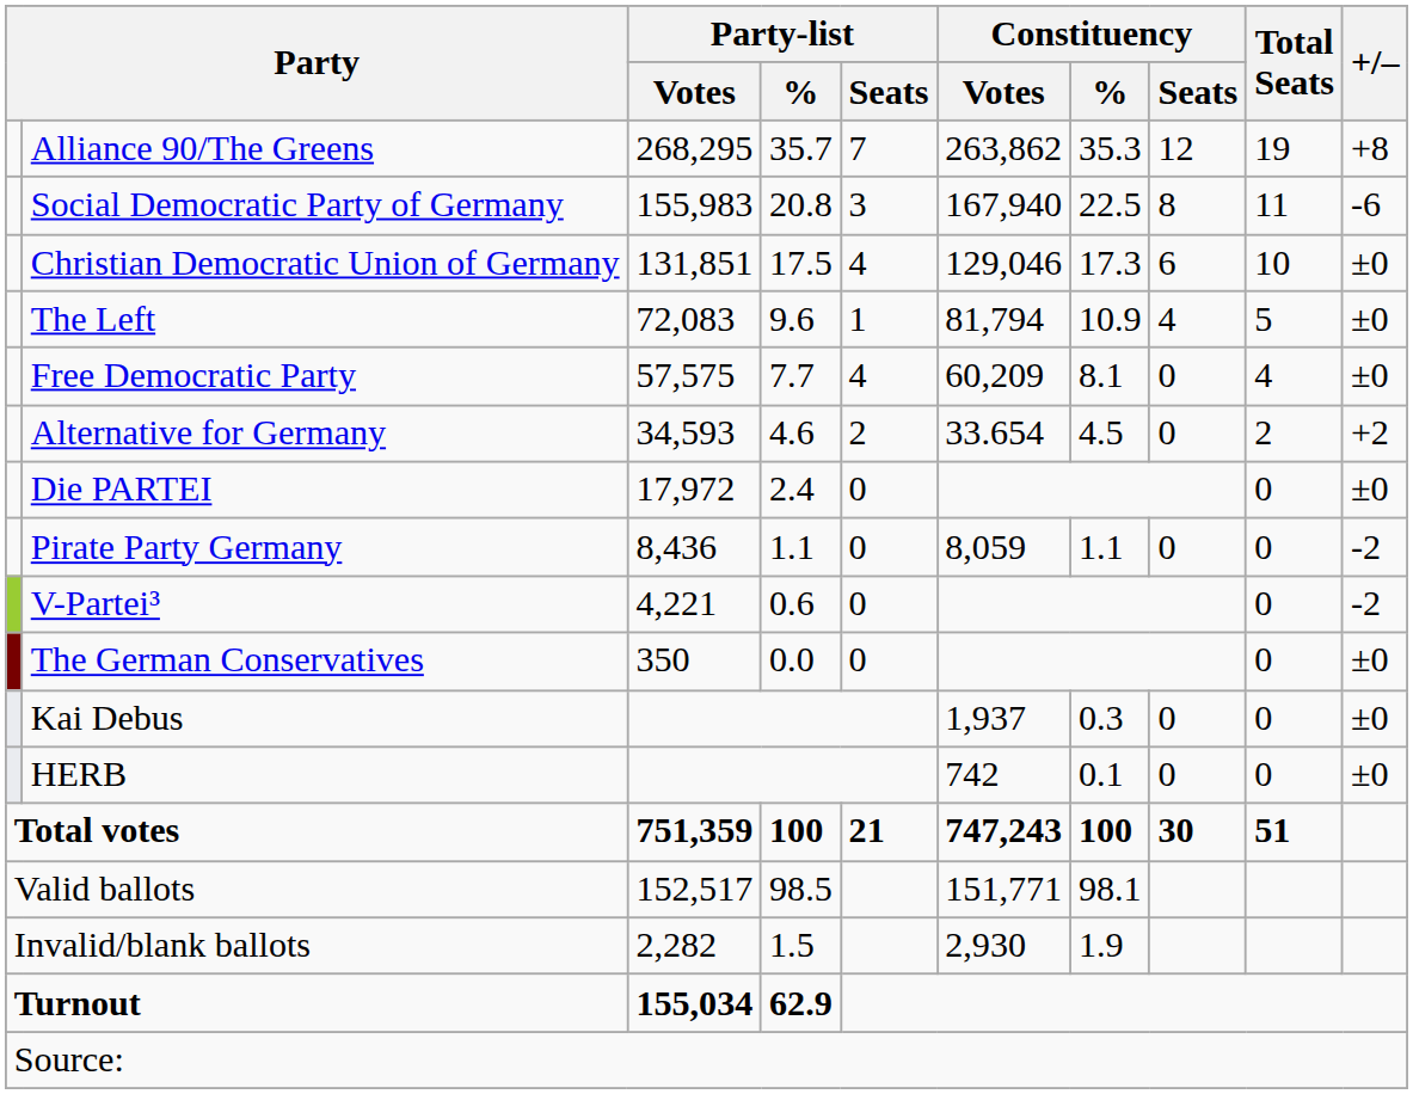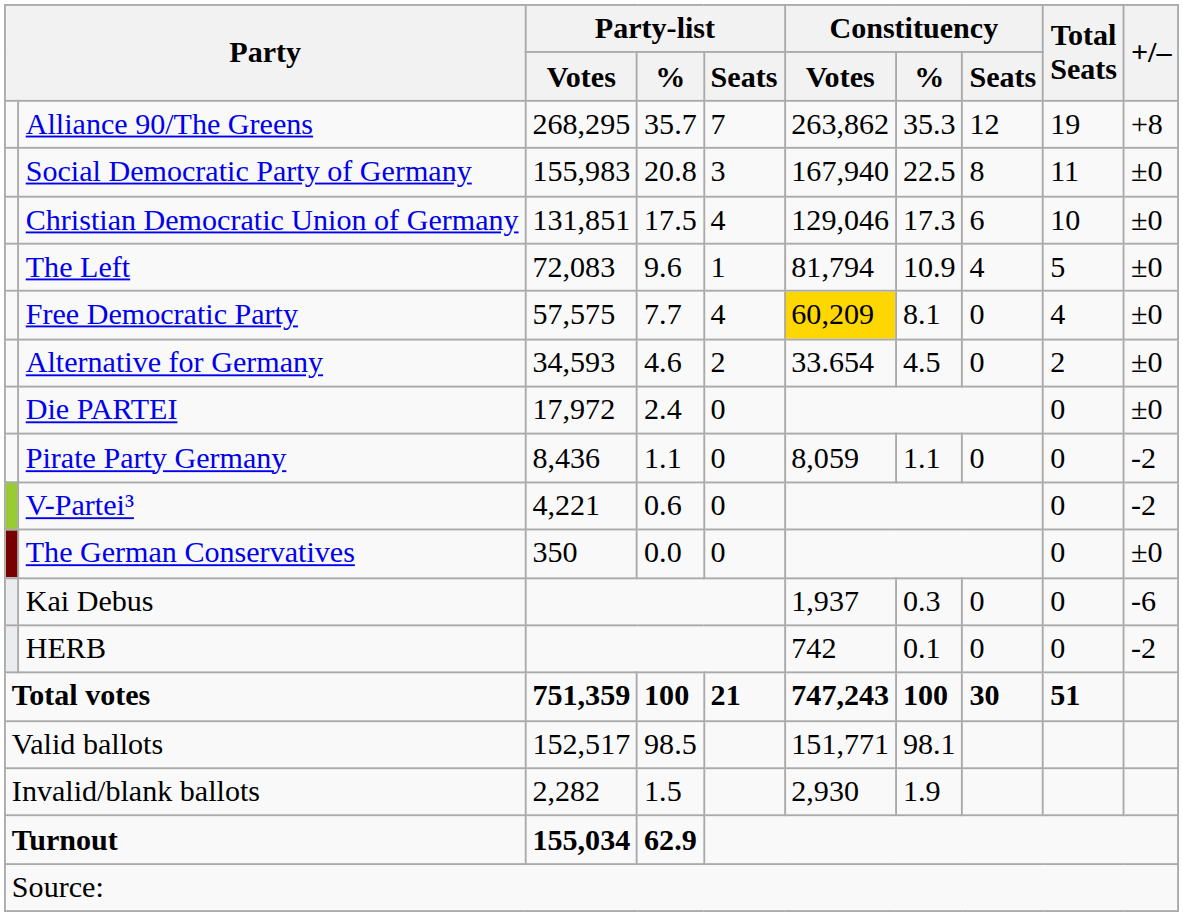 <table class="wikitable">
 <tr>
 <th colspan="2" rowspan="2">Party</th>
 <th colspan="3"><strong>Party-list</strong></th>
 <th colspan="3"><strong>Constituency</strong></th>
 <th rowspan="2">Total<br>Seats</th>
 <th rowspan="2">+/–</th>
 </tr>
 <tr>
 <th>Votes</th>
 <th>%</th>
 <th>Seats</th>
 <th>Votes</th>
 <th>%</th>
 <th>Seats</th>
 </tr>
 <tr>
 <td></td>
 <td><a href='#'>Alliance 90/The Greens</a></td>
 <td>268,295</td>
 <td>35.7</td>
 <td>7</td>
 <td>263,862</td>
 <td>35.3</td>
 <td>12</td>
 <td>19</td>
 <td>+8</td>
 </tr>
 <tr>
 <td></td>
 <td><a href='#'>Social Democratic Party of Germany</a></td>
 <td>155,983</td>
 <td>20.8</td>
 <td>3</td>
 <td>167,940</td>
 <td>22.5</td>
 <td>8</td>
 <td>11</td>
-<td>-6</td>
+<td>±0</td>
 </tr>
 <tr>
 <td></td>
 <td><a href='#'>Christian Democratic Union of Germany</a></td>
 <td>131,851</td>
 <td>17.5</td>
 <td>4</td>
 <td>129,046</td>
 <td>17.3</td>
 <td>6</td>
 <td>10</td>
 <td>±0</td>
 </tr>
 <tr>
 <td></td>
 <td><a href='#'>The Left</a></td>
 <td>72,083</td>
 <td>9.6</td>
 <td>1</td>
 <td>81,794</td>
 <td>10.9</td>
 <td>4</td>
 <td>5</td>
 <td>±0</td>
 </tr>
 <tr>
 <td></td>
 <td><a href='#'>Free Democratic Party</a></td>
 <td>57,575</td>
 <td>7.7</td>
 <td>4</td>
-<td>60,209</td>
+<td style="background: gold;">60,209</td>
 <td>8.1</td>
 <td>0</td>
 <td>4</td>
 <td>±0</td>
 </tr>
 <tr>
 <td></td>
 <td><a href='#'>Alternative for Germany</a></td>
 <td>34,593</td>
 <td>4.6</td>
 <td>2</td>
 <td>33.654</td>
 <td>4.5</td>
 <td>0</td>
 <td>2</td>
-<td>+2</td>
+<td>±0</td>
 </tr>
 <tr 00758C>
 <td></td>
 <td><a href='#'>Die PARTEI</a></td>
 <td>17,972</td>
 <td>2.4</td>
 <td>0</td>
 <td colspan="3"></td>
 <td>0</td>
 <td>±0</td>
 </tr>
 <tr>
 <td></td>
 <td><a href='#'>Pirate Party Germany</a></td>
 <td>8,436</td>
 <td>1.1</td>
 <td>0</td>
 <td>8,059</td>
 <td>1.1</td>
 <td>0</td>
 <td>0</td>
 <td>-2</td>
 </tr>
 <tr>
 <td bgcolor="#99CC33"></td>
 <td><a href='#'>V-Partei³</a></td>
 <td>4,221</td>
 <td>0.6</td>
 <td>0</td>
 <td colspan="3"></td>
 <td>0</td>
 <td>-2</td>
 </tr>
 <tr>
 <td bgcolor="#770000"></td>
 <td><a href='#'>The German Conservatives</a></td>
 <td>350</td>
 <td>0.0</td>
 <td>0</td>
 <td colspan="3"></td>
 <td>0</td>
 <td>±0</td>
 </tr>
 <tr>
 <td bgcolor="#EAECF0"></td>
 <td>Kai Debus</td>
 <td colspan="3"></td>
 <td>1,937</td>
 <td>0.3</td>
 <td>0</td>
 <td>0</td>
-<td>±0</td>
+<td>-6</td>
 </tr>
 <tr>
 <td bgcolor="#EAECF0"></td>
 <td>HERB</td>
 <td colspan="3"></td>
 <td>742</td>
 <td>0.1</td>
 <td>0</td>
 <td>0</td>
-<td>±0</td>
+<td>-2</td>
 </tr>
 <tr>
 <td colspan="2"><strong>Total votes</strong></td>
 <td><strong>751,359</strong></td>
 <td><strong>100</strong></td>
 <td><strong>21</strong></td>
 <td><strong>747,243</strong></td>
 <td><strong>100</strong></td>
 <td><strong>30</strong></td>
 <td><strong>51</strong></td>
 <td></td>
 </tr>
 <tr>
 <td colspan="2">Valid ballots</td>
 <td>152,517</td>
 <td>98.5</td>
 <td></td>
 <td>151,771</td>
 <td>98.1</td>
 <td></td>
 <td></td>
 <td></td>
 </tr>
 <tr>
 <td colspan="2">Invalid/blank ballots</td>
 <td>2,282</td>
 <td>1.5</td>
 <td></td>
 <td>2,930</td>
 <td>1.9</td>
 <td></td>
 <td></td>
 <td></td>
 </tr>
 <tr>
 <td colspan="2"><strong>Turnout</strong></td>
 <td><strong>155,034</strong></td>
 <td><strong>62.9</strong></td>
 <td colspan="6"></td>
 </tr>
 <tr>
 <td colspan="10">Source: </td>
 </tr>
 </table>
